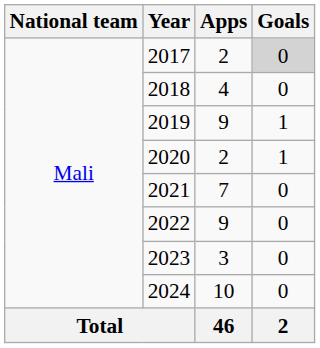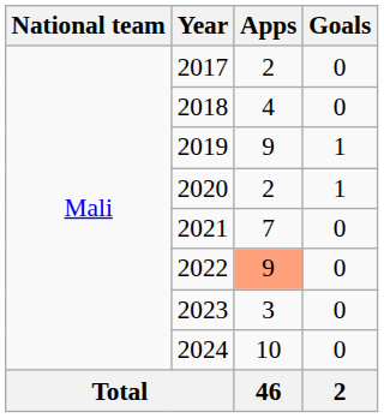 <table class="wikitable" style="text-align:center">
 <tr>
 <th>National team</th>
 <th>Year</th>
 <th>Apps</th>
 <th>Goals</th>
 </tr>
 <tr>
 <td rowspan="8"><a href='#'>Mali</a></td>
 <td>2017</td>
 <td>2</td>
-<td style="background: lightgrey;">0</td>
+<td>0</td>
 </tr>
 <tr>
 <td>2018</td>
 <td>4</td>
 <td>0</td>
 </tr>
 <tr>
 <td>2019</td>
 <td>9</td>
 <td>1</td>
 </tr>
 <tr>
 <td>2020</td>
 <td>2</td>
 <td>1</td>
 </tr>
 <tr>
 <td>2021</td>
 <td>7</td>
 <td>0</td>
 </tr>
 <tr>
 <td>2022</td>
-<td>9</td>
+<td style="background: lightsalmon;">9</td>
 <td>0</td>
 </tr>
 <tr>
 <td>2023</td>
 <td>3</td>
 <td>0</td>
 </tr>
 <tr>
 <td>2024</td>
 <td>10</td>
 <td>0</td>
 </tr>
 <tr>
 <th colspan="2">Total</th>
 <th>46</th>
 <th>2</th>
 </tr>
 </table>
